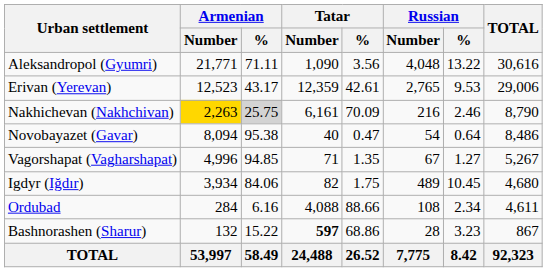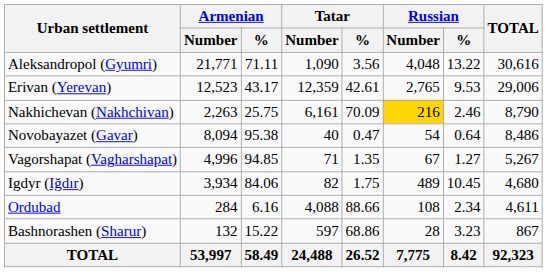 <table class="wikitable sortable">
 <tr>
 <th rowspan="2">Urban settlement</th>
 <th colspan="2"><a href='#'>Armenian</a></th>
 <th colspan="2">Tatar</th>
 <th colspan="2"><a href='#'>Russian</a></th>
 <th rowspan="2">TOTAL</th>
 </tr>
 <tr>
 <th>Number</th>
 <th>%</th>
 <th>Number</th>
 <th>%</th>
 <th>Number</th>
 <th>%</th>
 </tr>
 <tr>
 <td>Aleksandropol (<a href='#'>Gyumri</a>)</td>
 <td align="right">21,771</td>
 <td align="right">71.11</td>
 <td align="right">1,090</td>
 <td align="right">3.56</td>
 <td align="right">4,048</td>
 <td align="right">13.22</td>
 <td align="right">30,616</td>
 </tr>
 <tr>
 <td>Erivan (<a href='#'>Yerevan</a>)</td>
 <td align="right">12,523</td>
 <td align="right">43.17</td>
 <td align="right">12,359</td>
 <td align="right">42.61</td>
 <td align="right">2,765</td>
 <td align="right">9.53</td>
 <td align="right">29,006</td>
 </tr>
 <tr>
 <td>Nakhichevan (<a href='#'>Nakhchivan</a>)</td>
-<td align="right" style="background: gold;">2,263</td>
-<td align="right" style="background: lightgrey;">25.75</td>
+<td align="right">2,263</td>
+<td align="right">25.75</td>
 <td align="right">6,161</td>
 <td align="right">70.09</td>
-<td align="right">216</td>
+<td align="right" style="background: gold;">216</td>
 <td align="right">2.46</td>
 <td align="right">8,790</td>
 </tr>
 <tr>
 <td>Novobayazet (<a href='#'>Gavar</a>)</td>
 <td align="right">8,094</td>
 <td align="right">95.38</td>
 <td align="right">40</td>
 <td align="right">0.47</td>
 <td align="right">54</td>
 <td align="right">0.64</td>
 <td align="right">8,486</td>
 </tr>
 <tr>
 <td>Vagorshapat (<a href='#'>Vagharshapat</a>)</td>
 <td align="right">4,996</td>
 <td align="right">94.85</td>
 <td align="right">71</td>
 <td align="right">1.35</td>
 <td align="right">67</td>
 <td align="right">1.27</td>
 <td align="right">5,267</td>
 </tr>
 <tr>
 <td>Igdyr (<a href='#'>Iğdır</a>)</td>
 <td align="right">3,934</td>
 <td align="right">84.06</td>
 <td align="right">82</td>
 <td align="right">1.75</td>
 <td align="right">489</td>
 <td align="right">10.45</td>
 <td align="right">4,680</td>
 </tr>
 <tr>
 <td><a href='#'>Ordubad</a></td>
 <td align="right">284</td>
 <td align="right">6.16</td>
 <td align="right">4,088</td>
 <td align="right">88.66</td>
 <td align="right">108</td>
 <td align="right">2.34</td>
 <td align="right">4,611</td>
 </tr>
 <tr>
 <td>Bashnorashen (<a href='#'>Sharur</a>)</td>
 <td align="right">132</td>
 <td align="right">15.22</td>
-<td align="right"><strong>597</strong></td>
+<td align="right">597</td>
 <td align="right">68.86</td>
 <td align="right">28</td>
 <td align="right">3.23</td>
 <td align="right">867</td>
 </tr>
 <tr>
 <th>TOTAL</th>
 <th>53,997</th>
 <th>58.49</th>
 <th>24,488</th>
 <th>26.52</th>
 <th>7,775</th>
 <th>8.42</th>
 <th>92,323</th>
 </tr>
 </table>
